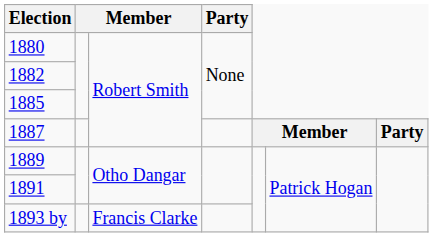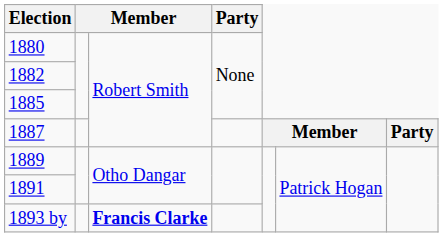 <table class="wikitable" style="border-style: none none none none;">
 <tr>
 <th>Election</th>
 <th colspan="2">Member</th>
 <th>Party</th>
 </tr>
 <tr style="background: #f9f9f9">
 <td><a href='#'>1880</a></td>
 <td rowspan="3" > </td>
 <td rowspan="4"><a href='#'>Robert Smith</a></td>
 <td rowspan="3">None</td>
 </tr>
 <tr>
 <td><a href='#'>1882</a></td>
 </tr>
 <tr>
 <td><a href='#'>1885</a></td>
 </tr>
 <tr style="background: #f9f9f9">
 <td><a href='#'>1887</a></td>
 <td> </td>
 <td></td>
 <th colspan="2">Member</th>
 <th>Party</th>
 </tr>
 <tr style="background: #f9f9f9">
 <td><a href='#'>1889</a></td>
 <td rowspan="2" > </td>
 <td rowspan="2"><a href='#'>Otho Dangar</a></td>
 <td rowspan="2"></td>
 <td rowspan="3" > </td>
 <td rowspan="3"><a href='#'>Patrick Hogan</a></td>
 <td rowspan="3"></td>
 </tr>
 <tr>
 <td><a href='#'>1891</a></td>
 </tr>
 <tr style="background: #f9f9f9">
 <td><a href='#'>1893 by</a></td>
 <td> </td>
-<td><a href='#'>Francis Clarke</a></td>
+<td><strong><a href='#'>Francis Clarke</a></strong></td>
 <td></td>
 </tr>
 </table>
